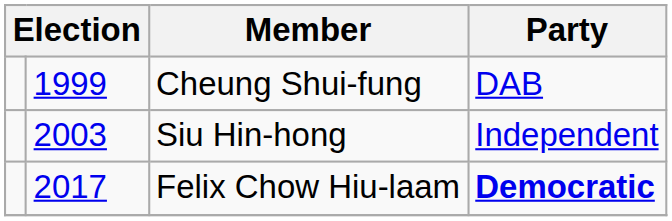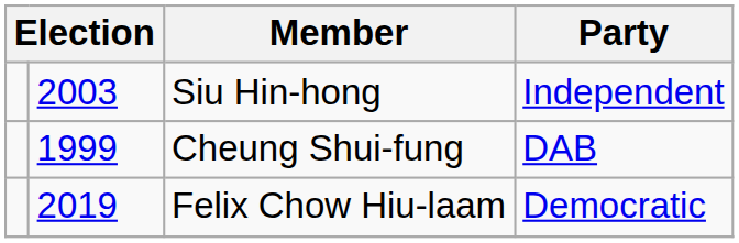 <table class="wikitable">
 <tr>
 <th colspan="2">Election</th>
 <th>Member</th>
 <th>Party</th>
+</tr>
+<tr>
+<td style="color:inherit;background:"></td>
+<td><a href='#'>2003</a></td>
+<td>Siu Hin-hong</td>
+<td><a href='#'>Independent</a></td>
 </tr>
 <tr>
 <td style="color:inherit;background:"></td>
 <td><a href='#'>1999</a></td>
 <td>Cheung Shui-fung</td>
 <td><a href='#'>DAB</a></td>
 </tr>
 <tr>
 <td style="color:inherit;background:"></td>
-<td><a href='#'>2003</a></td>
-<td>Siu Hin-hong</td>
-<td><a href='#'>Independent</a></td>
-</tr>
-<tr>
-<td style="color:inherit;background:"></td>
-<td><a href='#'>2017</a></td>
+<td><a href='#'>2019</a></td>
 <td>Felix Chow Hiu-laam</td>
-<td><strong><a href='#'>Democratic</a></strong></td>
+<td><a href='#'>Democratic</a></td>
 </tr>
 <tr>
 </tr>
 </table>
